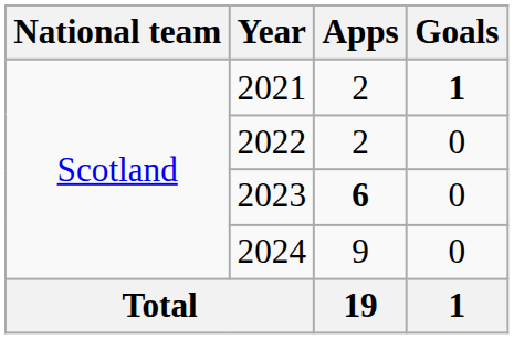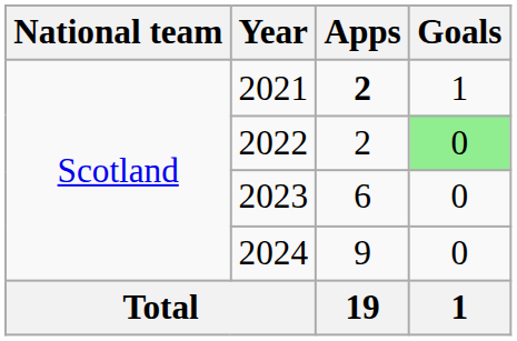 <table class="wikitable" style="text-align:center">
 <tr>
 <th>National team</th>
 <th>Year</th>
 <th>Apps</th>
 <th>Goals</th>
 </tr>
 <tr>
 <td rowspan="4"><a href='#'>Scotland</a></td>
 <td>2021</td>
-<td>2</td>
-<td><strong>1</strong></td>
+<td><strong>2</strong></td>
+<td>1</td>
 </tr>
 <tr>
 <td>2022</td>
 <td>2</td>
-<td>0</td>
+<td style="background: lightgreen;">0</td>
 </tr>
 <tr>
 <td>2023</td>
-<td><strong>6</strong></td>
+<td>6</td>
 <td>0</td>
 </tr>
 <tr>
 <td>2024</td>
 <td>9</td>
 <td>0</td>
 </tr>
 <tr>
 <th colspan="2">Total</th>
 <th>19</th>
 <th>1</th>
 </tr>
 </table>
